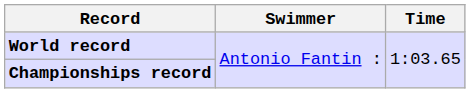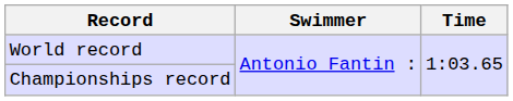 <table class="wikitable">
 <tr>
 <th>Record</th>
 <th>Swimmer</th>
 <th>Time</th>
 </tr>
 <tr bgcolor=ddddff>
-<td><strong>World record</strong></td>
+<td>World record</td>
 <td rowspan="2"><a href='#'>Antonio Fantin</a>  :</td>
 <td rowspan="2">1:03.65</td>
 </tr>
 <tr bgcolor=ddddff>
-<td><strong>Championships record</strong></td>
+<td>Championships record</td>
 </tr>
 </table>
